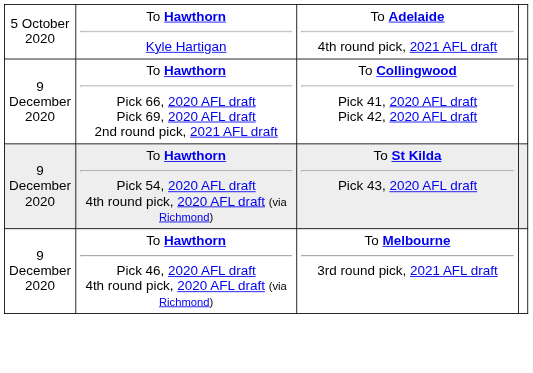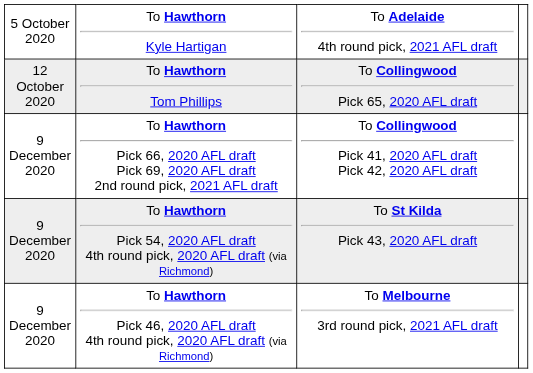 <table border=1 style="border-collapse:collapse; text-align: center; width: 100%" bordercolor="#000000"  cellpadding="5">
 <tr>
 <td style="width:12%">5 October 2020</td>
 <td style="width:44%; vertical-align:top;">To <strong><a href='#'>Hawthorn</a></strong> <hr> <a href='#'>Kyle Hartigan</a></td>
 <td style="width:44%; vertical-align:top;">To <strong><a href='#'>Adelaide</a></strong> <hr> 4th round pick, <a href='#'>2021 AFL draft</a></td>
+<td></td>
+</tr>
+<tr style="background:#EEE">
+<td style="width:12%">12 October 2020</td>
+<td style="width:44%; vertical-align:top;">To <strong><a href='#'>Hawthorn</a></strong> <hr> <a href='#'>Tom Phillips</a></td>
+<td style="width:44%; vertical-align:top;">To <strong><a href='#'>Collingwood</a></strong> <hr> Pick 65, <a href='#'>2020 AFL draft</a></td>
 <td></td>
 </tr>
 <tr>
 <td style="width:12%'">9 December 2020</td>
 <td style="width:44%; vertical-align:top;">To <strong><a href='#'>Hawthorn</a></strong> <hr> Pick 66, <a href='#'>2020 AFL draft</a> <br> Pick 69, <a href='#'>2020 AFL draft</a> <br> 2nd round pick, <a href='#'>2021 AFL draft</a></td>
 <td style="width:44%; vertical-align:top;">To <strong><a href='#'>Collingwood</a></strong> <hr> Pick 41, <a href='#'>2020 AFL draft</a> <br> Pick 42, <a href='#'>2020 AFL draft</a></td>
 <td></td>
 </tr>
 <tr style="background:#EEE">
 <td style="width:12%'">9 December 2020</td>
 <td style="width:44%; vertical-align:top;">To <strong><a href='#'>Hawthorn</a></strong> <hr> Pick 54, <a href='#'>2020 AFL draft</a> <br> 4th round pick, <a href='#'>2020 AFL draft</a> <small>(via <a href='#'>Richmond</a>)</small></td>
 <td style="width:44%; vertical-align:top;">To <strong><a href='#'>St Kilda</a></strong> <hr> Pick 43, <a href='#'>2020 AFL draft</a></td>
 <td></td>
 </tr>
 <tr>
 <td style="width:12%'">9 December 2020</td>
 <td style="width:44%; vertical-align:top;">To <strong><a href='#'>Hawthorn</a></strong> <hr> Pick 46, <a href='#'>2020 AFL draft</a> <br> 4th round pick, <a href='#'>2020 AFL draft</a> <small>(via <a href='#'>Richmond</a>)</small></td>
 <td style="width:44%; vertical-align:top;">To <strong><a href='#'>Melbourne</a></strong> <hr> 3rd round pick, <a href='#'>2021 AFL draft</a></td>
 <td></td>
 </tr>
 </table>
